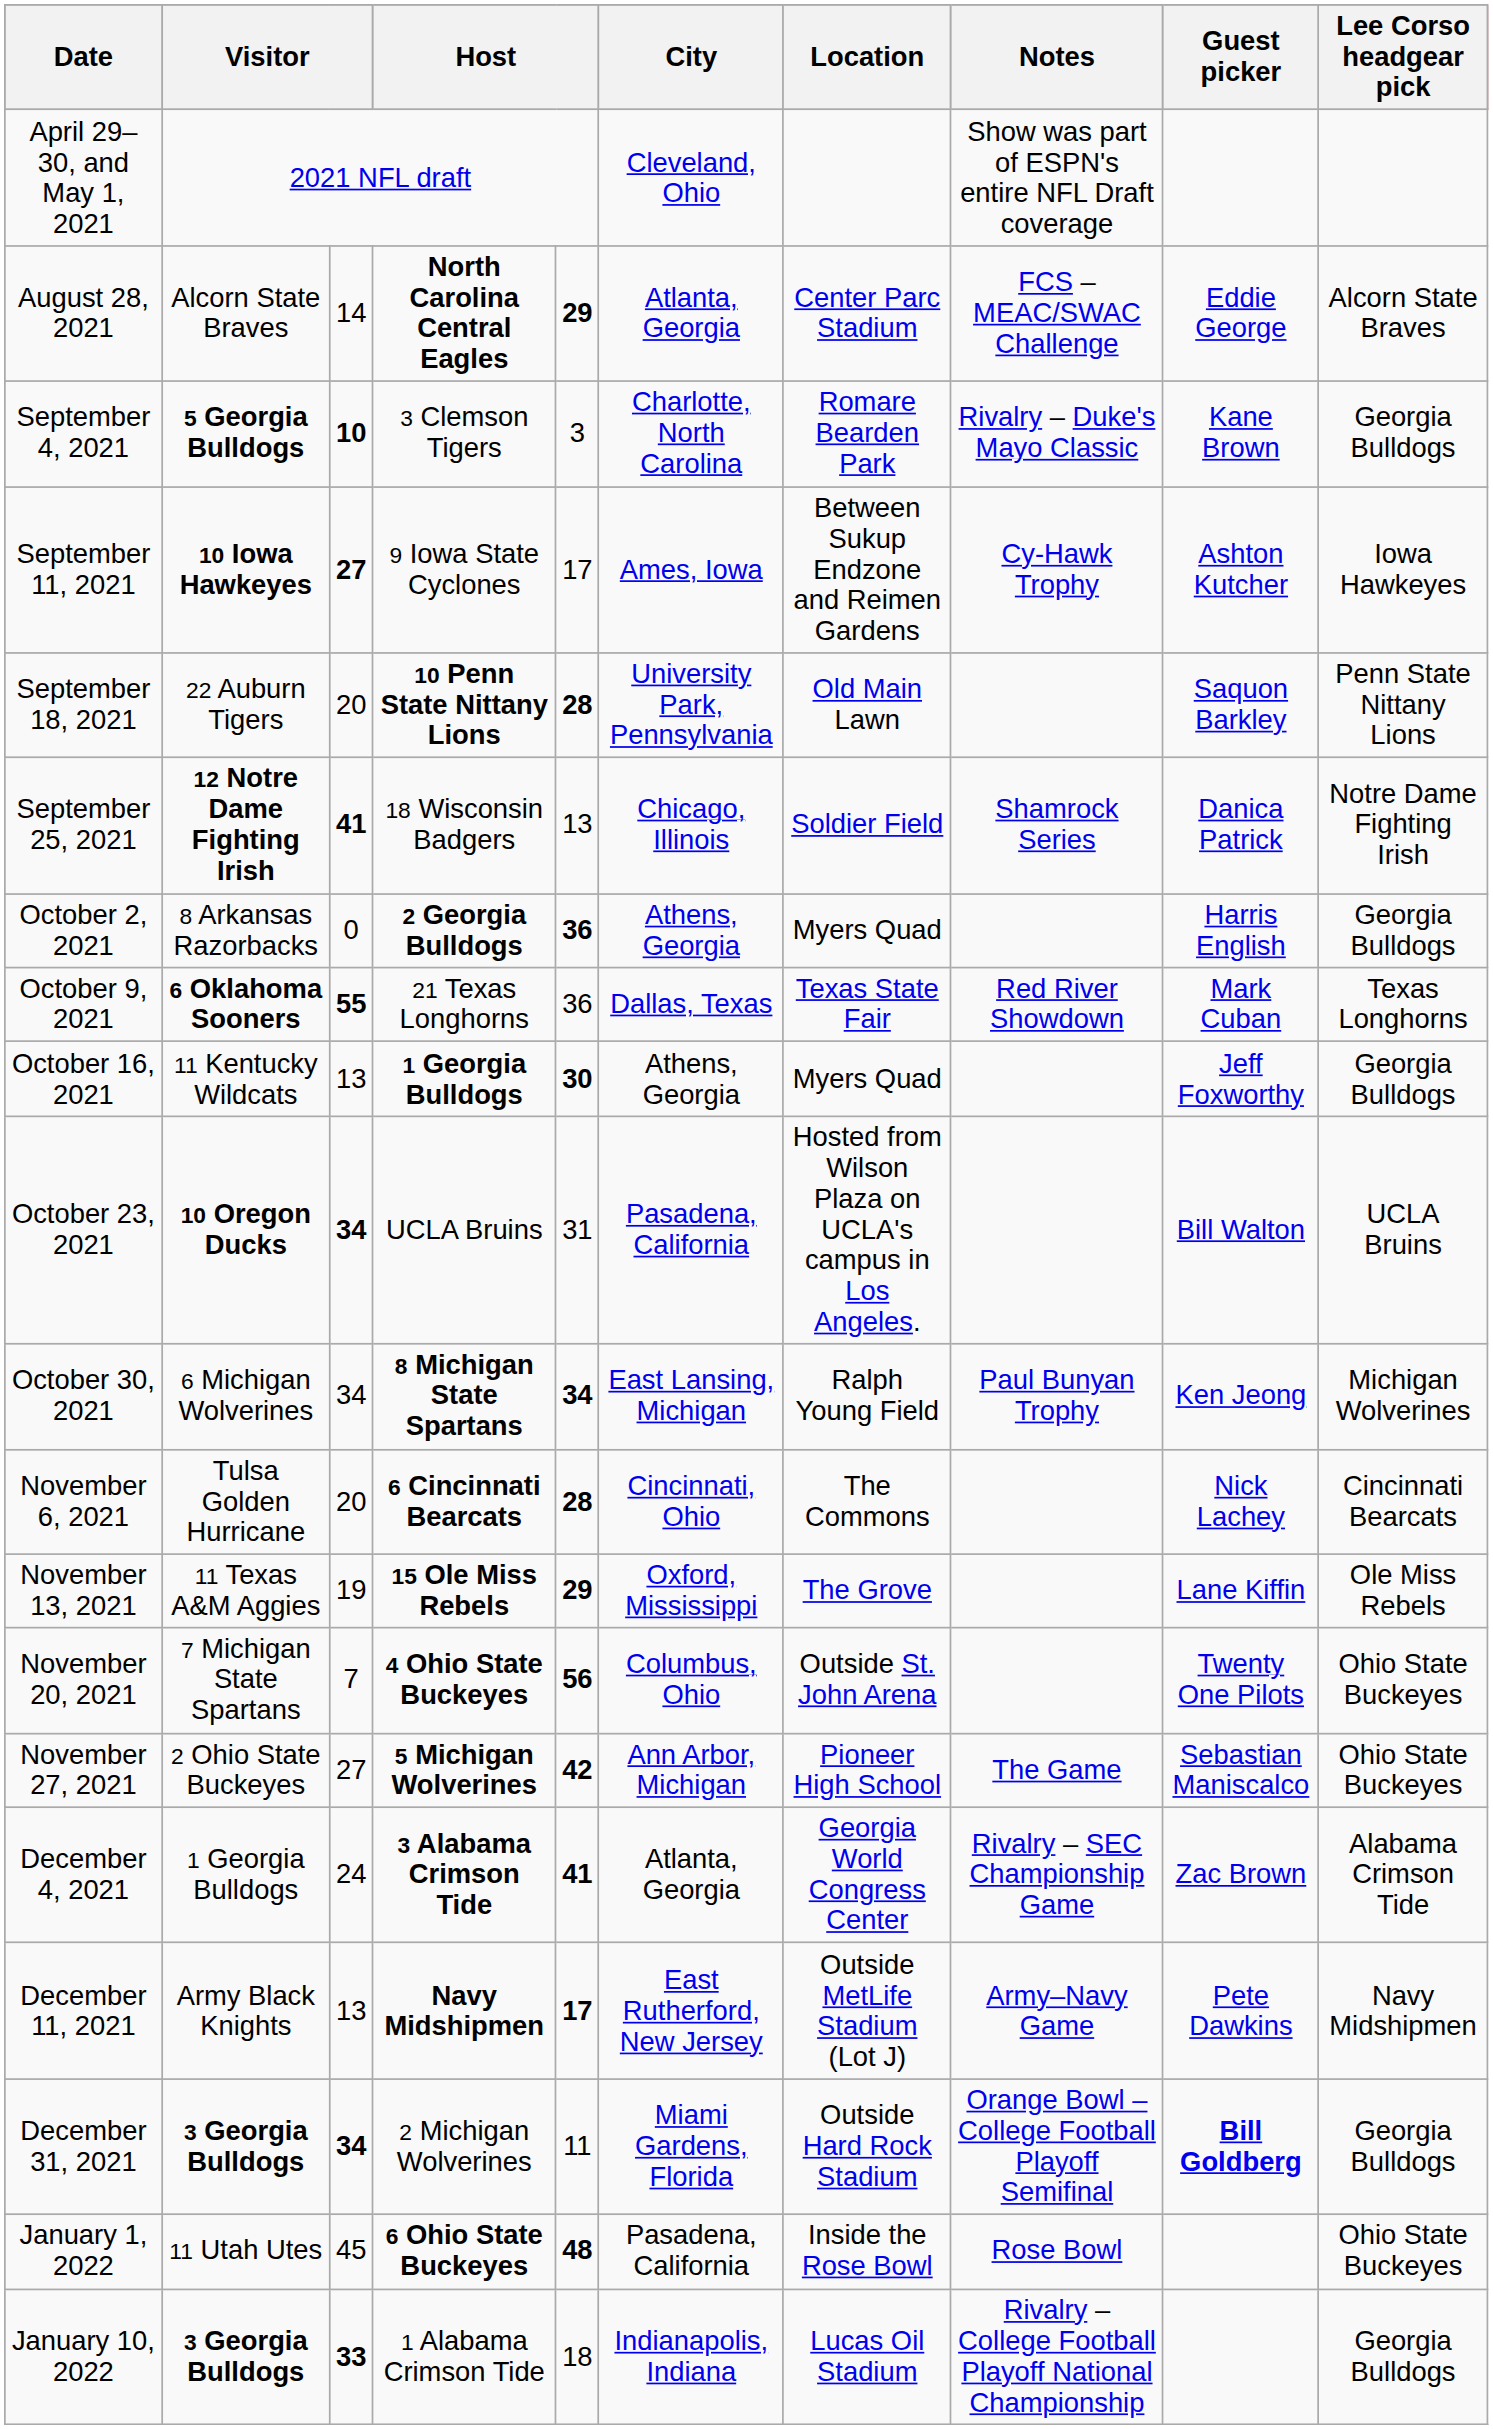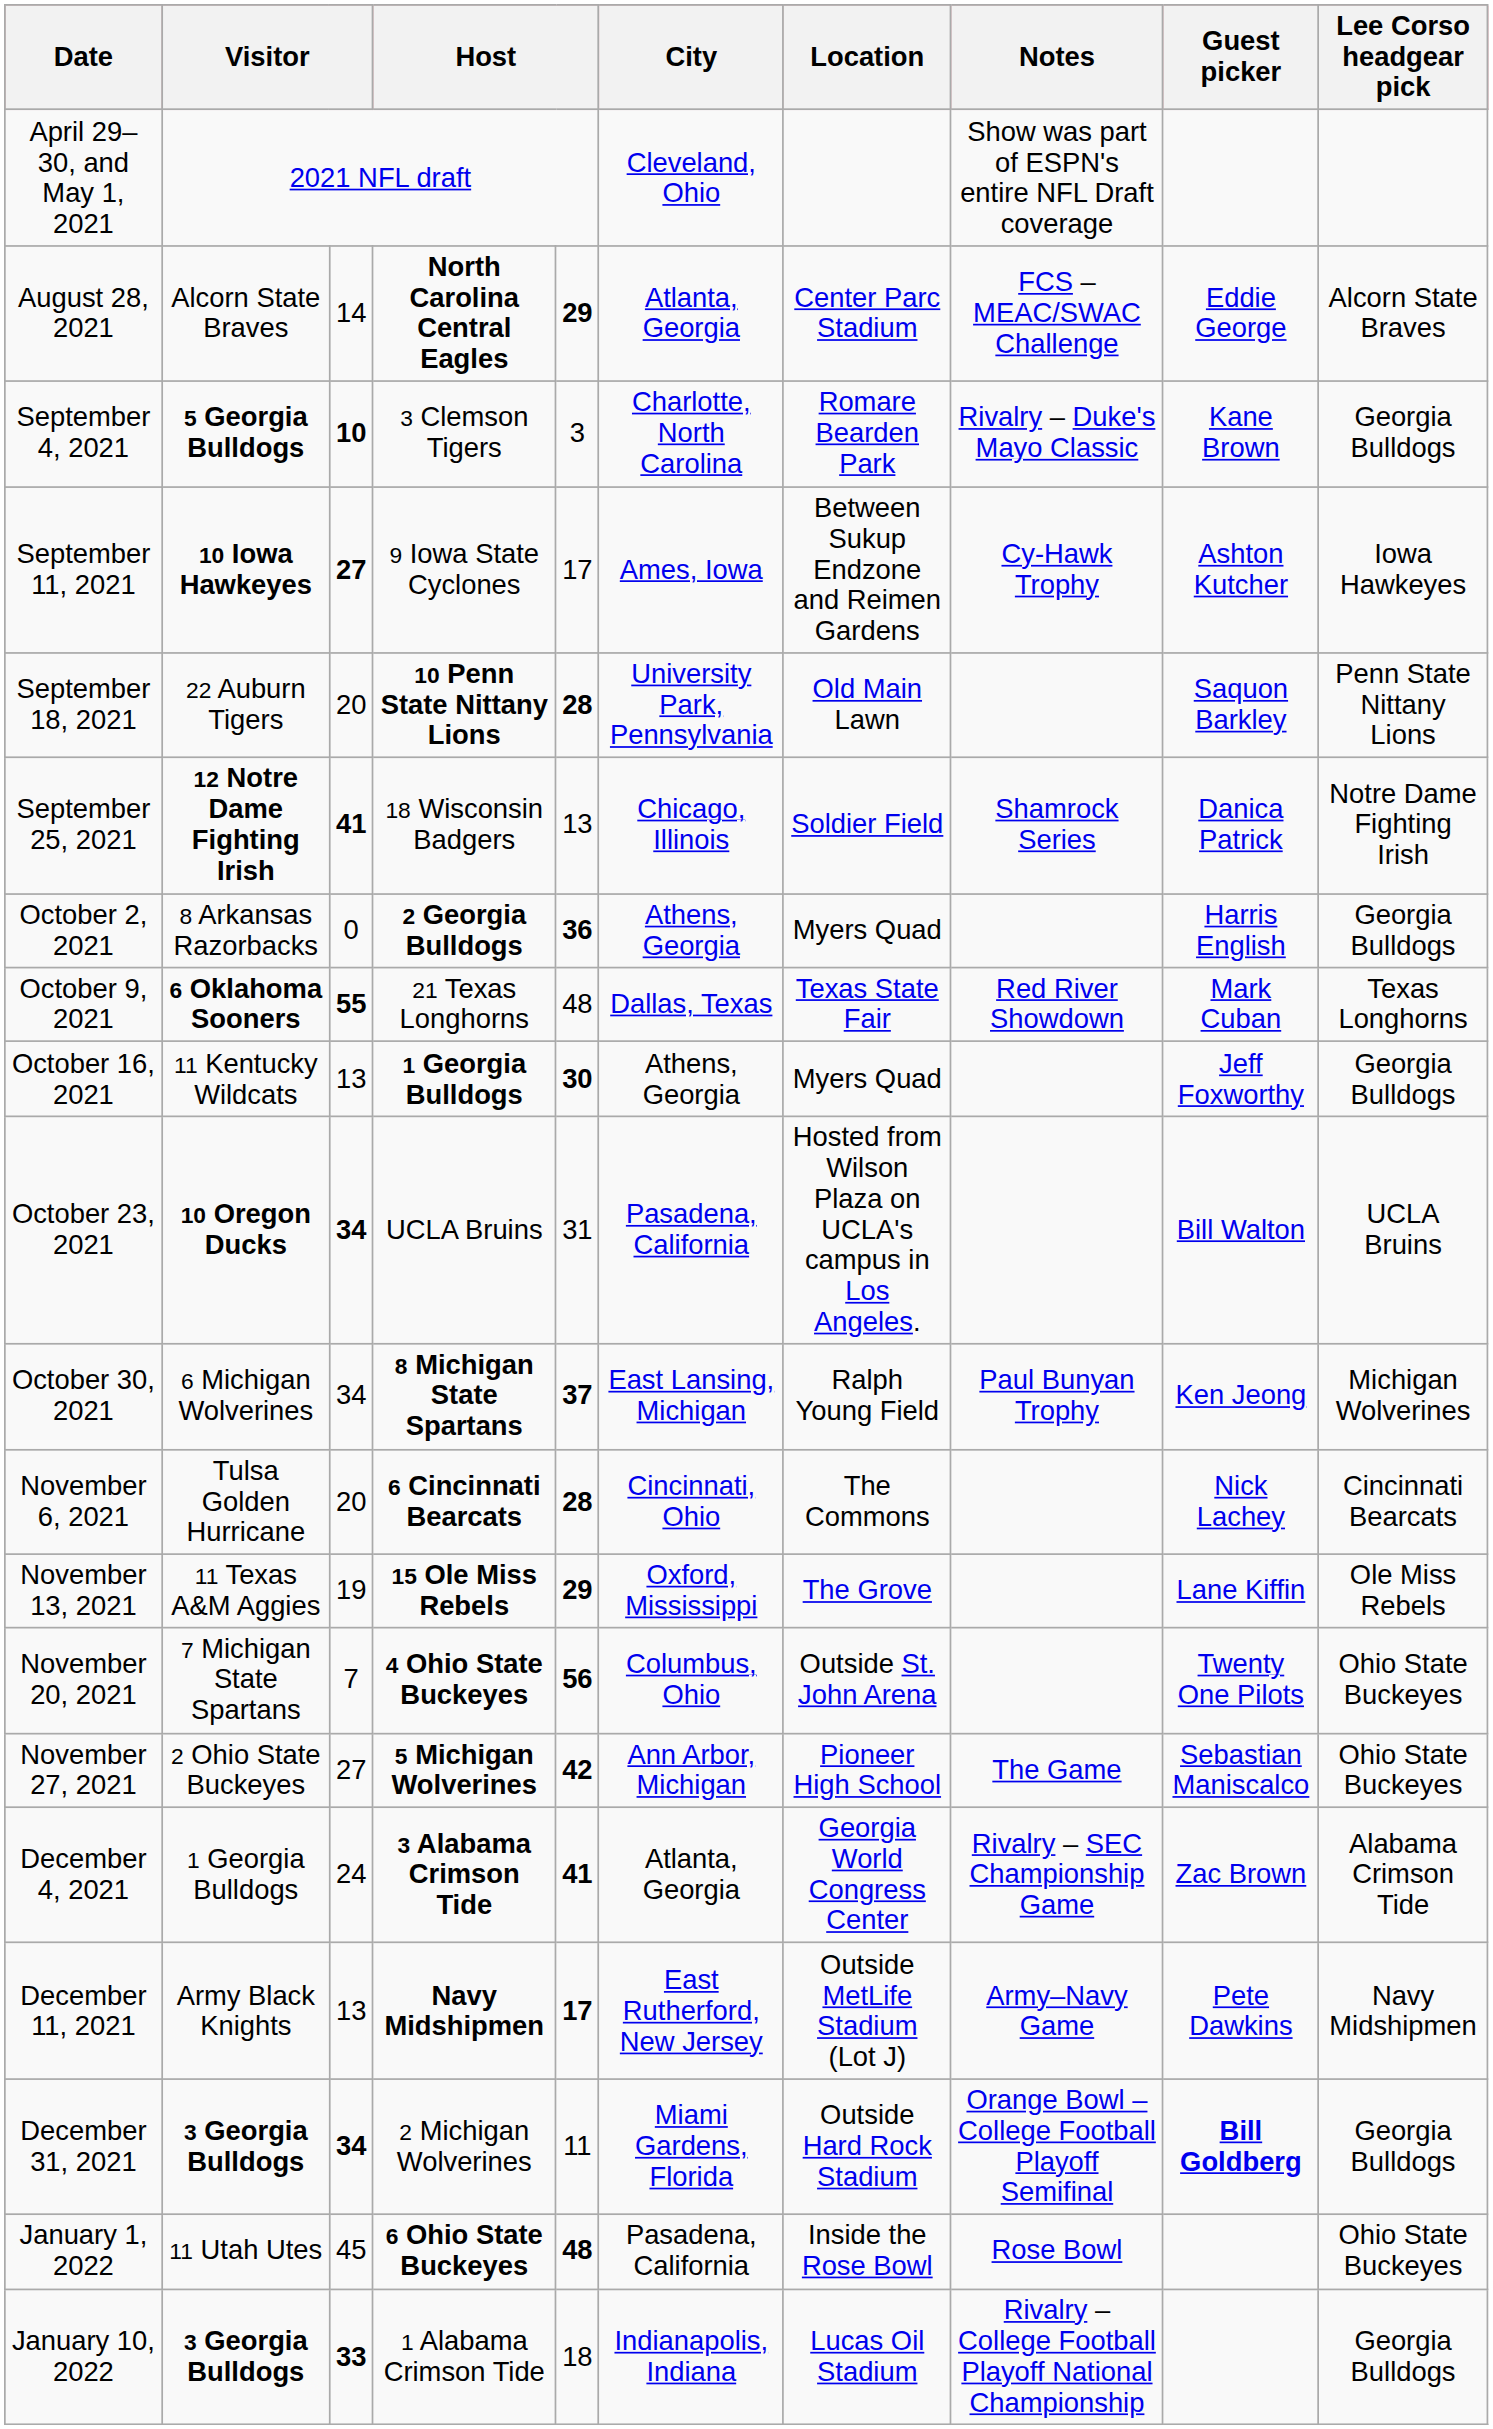 <table class="wikitable" style="text-align:center">
 <tr style="background:#A32638;"|>
 <th>Date</th>
 <th colspan=2>Visitor</th>
 <th colspan=2>Host</th>
 <th>City</th>
 <th>Location</th>
 <th>Notes</th>
 <th>Guest picker</th>
 <th>Lee Corso headgear pick</th>
 </tr>
 <tr>
 <td>April 29–30, and May 1, 2021</td>
 <td colspan="4"><a href='#'>2021 NFL draft</a></td>
 <td><a href='#'>Cleveland, Ohio</a></td>
 <td></td>
 <td>Show was part of ESPN's entire NFL Draft coverage</td>
 <td></td>
 <td></td>
 </tr>
 <tr>
 <td>August 28, 2021</td>
 <td>Alcorn State Braves</td>
 <td>14</td>
 <td><strong>North Carolina Central Eagles</strong></td>
 <td><strong>29</strong></td>
 <td><a href='#'>Atlanta, Georgia</a></td>
 <td><a href='#'>Center Parc Stadium</a></td>
 <td><a href='#'>FCS</a> – <a href='#'>MEAC/SWAC Challenge</a></td>
 <td><a href='#'>Eddie George</a></td>
 <td>Alcorn State Braves</td>
 </tr>
 <tr>
 <td>September 4, 2021</td>
 <td><strong><small>5</small> Georgia Bulldogs</strong></td>
 <td><strong>10</strong></td>
 <td><small>3</small> Clemson Tigers</td>
 <td>3</td>
 <td><a href='#'>Charlotte, North Carolina</a></td>
 <td><a href='#'>Romare Bearden Park</a></td>
 <td><a href='#'>Rivalry</a> – <a href='#'>Duke's Mayo Classic</a></td>
 <td><a href='#'>Kane Brown</a></td>
 <td>Georgia Bulldogs</td>
 </tr>
 <tr>
 <td>September 11, 2021</td>
 <td><strong><small>10</small> Iowa Hawkeyes</strong></td>
 <td><strong>27</strong></td>
 <td><small>9</small> Iowa State Cyclones</td>
 <td>17</td>
 <td><a href='#'>Ames, Iowa</a></td>
 <td>Between Sukup Endzone and Reimen Gardens</td>
 <td><a href='#'>Cy-Hawk Trophy</a></td>
 <td><a href='#'>Ashton Kutcher</a></td>
 <td>Iowa Hawkeyes</td>
 </tr>
 <tr>
 <td>September 18, 2021</td>
 <td><small>22</small> Auburn Tigers</td>
 <td>20</td>
 <td><strong><small>10</small> Penn State Nittany Lions</strong></td>
 <td><strong>28</strong></td>
 <td><a href='#'>University Park, Pennsylvania</a></td>
 <td><a href='#'>Old Main</a> Lawn</td>
 <td></td>
 <td><a href='#'>Saquon Barkley</a></td>
 <td>Penn State Nittany Lions</td>
 </tr>
 <tr>
 <td>September 25, 2021</td>
 <td><strong><small>12</small> Notre Dame Fighting Irish</strong></td>
 <td><strong>41</strong></td>
 <td><small>18</small> Wisconsin Badgers</td>
 <td>13</td>
 <td><a href='#'>Chicago, Illinois</a></td>
 <td><a href='#'>Soldier Field</a></td>
 <td><a href='#'>Shamrock Series</a></td>
 <td><a href='#'>Danica Patrick</a></td>
 <td>Notre Dame Fighting Irish</td>
 </tr>
 <tr>
 <td>October 2, 2021</td>
 <td><small>8</small> Arkansas Razorbacks</td>
 <td>0</td>
 <td><strong><small>2</small> Georgia Bulldogs</strong></td>
 <td><strong>36</strong></td>
 <td><a href='#'>Athens, Georgia</a></td>
 <td>Myers Quad</td>
 <td></td>
 <td><a href='#'>Harris English</a></td>
 <td>Georgia Bulldogs</td>
 </tr>
 <tr>
 <td>October 9, 2021</td>
 <td><strong><small>6</small> Oklahoma Sooners</strong></td>
 <td><strong>55</strong></td>
 <td><small>21</small> Texas Longhorns</td>
-<td>36</td>
+<td>48</td>
 <td><a href='#'>Dallas, Texas</a></td>
 <td><a href='#'>Texas State Fair</a></td>
 <td><a href='#'>Red River Showdown</a></td>
 <td><a href='#'>Mark Cuban</a></td>
 <td>Texas Longhorns</td>
 </tr>
 <tr>
 <td>October 16, 2021</td>
 <td><small>11</small> Kentucky Wildcats</td>
 <td>13</td>
 <td><strong><small>1</small> Georgia Bulldogs</strong></td>
 <td><strong>30</strong></td>
 <td>Athens, Georgia</td>
 <td>Myers Quad</td>
 <td></td>
 <td><a href='#'>Jeff Foxworthy</a></td>
 <td>Georgia Bulldogs</td>
 </tr>
 <tr>
 <td>October 23, 2021</td>
 <td><strong><small>10</small> Oregon Ducks </strong></td>
 <td><strong>34</strong></td>
 <td>UCLA Bruins</td>
 <td>31</td>
 <td><a href='#'>Pasadena, California</a></td>
 <td>Hosted from Wilson Plaza on UCLA's campus in <a href='#'>Los Angeles</a>.</td>
 <td></td>
 <td><a href='#'>Bill Walton</a></td>
 <td>UCLA Bruins</td>
 </tr>
 <tr>
 <td>October 30, 2021</td>
 <td><small>6</small> Michigan Wolverines</td>
 <td>34</td>
 <td><strong><small>8</small> Michigan State Spartans</strong></td>
-<td><strong>34</strong></td>
+<td><strong>37</strong></td>
 <td><a href='#'>East Lansing, Michigan</a></td>
 <td>Ralph Young Field</td>
 <td><a href='#'>Paul Bunyan Trophy</a></td>
 <td><a href='#'>Ken Jeong</a></td>
 <td>Michigan Wolverines</td>
 </tr>
 <tr>
 <td>November 6, 2021</td>
 <td>Tulsa Golden Hurricane</td>
 <td>20</td>
 <td><strong><small>6</small> Cincinnati Bearcats</strong></td>
 <td><strong>28</strong></td>
 <td><a href='#'>Cincinnati, Ohio</a></td>
 <td>The Commons</td>
 <td></td>
 <td><a href='#'>Nick Lachey</a></td>
 <td>Cincinnati Bearcats</td>
 </tr>
 <tr>
 <td>November 13, 2021</td>
 <td><small>11</small> Texas A&M Aggies</td>
 <td>19</td>
 <td><strong><small>15</small> Ole Miss Rebels</strong></td>
 <td><strong>29</strong></td>
 <td><a href='#'>Oxford, Mississippi</a></td>
 <td><a href='#'>The Grove</a></td>
 <td></td>
 <td><a href='#'>Lane Kiffin</a></td>
 <td>Ole Miss Rebels</td>
 </tr>
 <tr>
 <td>November 20, 2021</td>
 <td><small>7</small> Michigan State Spartans</td>
 <td>7</td>
 <td><strong><small>4</small> Ohio State Buckeyes</strong></td>
 <td><strong>56</strong></td>
 <td><a href='#'>Columbus, Ohio</a></td>
 <td>Outside <a href='#'>St. John Arena</a></td>
 <td></td>
 <td><a href='#'>Twenty One Pilots</a></td>
 <td>Ohio State Buckeyes</td>
 </tr>
 <tr>
 <td>November 27, 2021</td>
 <td><small>2</small> Ohio State Buckeyes</td>
 <td>27</td>
 <td><strong><small>5</small> Michigan Wolverines</strong></td>
 <td><strong>42</strong></td>
 <td><a href='#'>Ann Arbor, Michigan</a></td>
 <td><a href='#'>Pioneer High School</a></td>
 <td><a href='#'>The Game</a></td>
 <td><a href='#'>Sebastian Maniscalco</a></td>
 <td>Ohio State Buckeyes</td>
 </tr>
 <tr>
 <td>December 4, 2021</td>
 <td><small>1</small> Georgia Bulldogs</td>
 <td>24</td>
 <td><strong><small>3</small> Alabama Crimson Tide</strong></td>
 <td><strong>41</strong></td>
 <td>Atlanta, Georgia</td>
 <td><a href='#'>Georgia World Congress Center</a></td>
 <td><a href='#'>Rivalry</a> – <a href='#'>SEC Championship Game</a></td>
 <td><a href='#'>Zac Brown</a></td>
 <td>Alabama Crimson Tide</td>
 </tr>
 <tr>
 <td>December 11, 2021</td>
 <td>Army Black Knights</td>
 <td>13</td>
 <td><strong>Navy Midshipmen</strong></td>
 <td><strong>17</strong></td>
 <td><a href='#'>East Rutherford, New Jersey</a></td>
 <td>Outside <a href='#'>MetLife Stadium</a> (Lot J)</td>
 <td><a href='#'>Army–Navy Game</a></td>
 <td><a href='#'>Pete Dawkins</a></td>
 <td>Navy Midshipmen</td>
 </tr>
 <tr>
 <td>December 31, 2021</td>
 <td><strong><small>3</small> Georgia Bulldogs</strong></td>
 <td><strong>34</strong></td>
 <td><small>2</small> Michigan Wolverines</td>
 <td>11</td>
 <td><a href='#'>Miami Gardens, Florida</a></td>
 <td>Outside <a href='#'>Hard Rock Stadium</a></td>
 <td><a href='#'>Orange Bowl – College Football Playoff Semifinal</a></td>
 <td><strong><a href='#'>Bill Goldberg</a></strong></td>
 <td>Georgia Bulldogs</td>
 </tr>
 <tr>
 <td>January 1, 2022</td>
 <td><small>11</small> Utah Utes</td>
 <td>45</td>
 <td><strong><small>6</small> Ohio State Buckeyes</strong></td>
 <td><strong>48</strong></td>
 <td>Pasadena, California</td>
 <td>Inside the <a href='#'>Rose Bowl</a></td>
 <td><a href='#'>Rose Bowl</a></td>
 <td></td>
 <td>Ohio State Buckeyes</td>
 </tr>
 <tr>
 <td>January 10, 2022</td>
 <td><strong><small>3</small> Georgia Bulldogs</strong></td>
 <td><strong>33</strong></td>
 <td><small>1</small> Alabama Crimson Tide</td>
 <td>18</td>
 <td><a href='#'>Indianapolis, Indiana</a></td>
 <td><a href='#'>Lucas Oil Stadium</a></td>
 <td><a href='#'>Rivalry</a> – <a href='#'>College Football Playoff National Championship</a></td>
 <td></td>
 <td>Georgia Bulldogs</td>
 </tr>
 <tr>
 </tr>
 </table>
